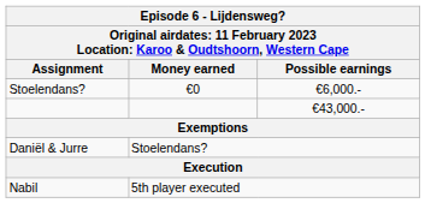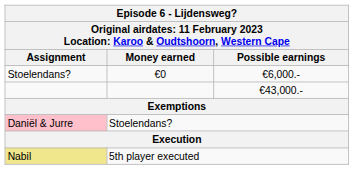 <table class="wikitable" style="font-size: 95%; margin: 10px" align="right" width="40%">
 <tr>
 <th colspan=3>Episode 6 - Lijdensweg?</th>
 </tr>
 <tr>
 <th colspan=3>Original airdates: 11 February 2023<br>Location: <a href='#'>Karoo</a> & <a href='#'>Oudtshoorn</a>, <a href='#'>Western Cape</a></th>
 </tr>
 <tr>
 <th>Assignment</th>
 <th>Money earned</th>
 <th>Possible earnings</th>
 </tr>
 <tr>
 <td>Stoelendans?</td>
 <td align="center">€0</td>
 <td align="center">€6,000.-</td>
 </tr>
 <tr>
 <td><strong></strong></td>
 <td align="center"><strong></strong></td>
 <td align="center">€43,000.-</td>
 </tr>
 <tr>
 <th colspan=3>Exemptions</th>
 </tr>
 <tr>
-<td>Daniël & Jurre</td>
+<td style="background: pink;">Daniël & Jurre</td>
 <td colspan=2>Stoelendans?</td>
 </tr>
 <tr>
 <th colspan=3>Execution</th>
 </tr>
 <tr>
-<td>Nabil</td>
+<td style="background: khaki;">Nabil</td>
 <td colspan=2>5th player executed</td>
 </tr>
 </table>
